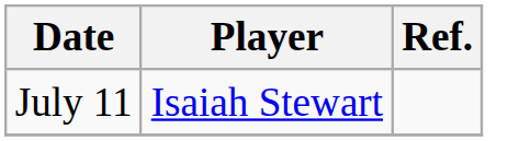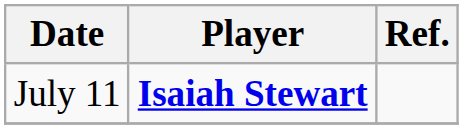 <table class="wikitable sortable sortable" style="text-align: center">
 <tr>
 <th>Date</th>
 <th>Player</th>
 <th>Ref.</th>
 </tr>
 <tr>
 <td>July 11</td>
-<td><a href='#'>Isaiah Stewart</a></td>
+<td><strong><a href='#'>Isaiah Stewart</a></strong></td>
 <td></td>
 </tr>
 <tr>
 </tr>
 </table>
